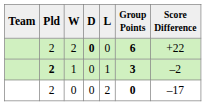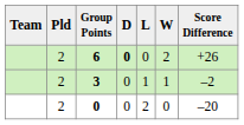 <table style=border-collapse:collapse border=1 cellspacing=0 cellpadding=5>
 <tr align=center bgcolor=#efefef>
 <th>Team</th>
 <th>Pld</th>
-<th>W</th>
+<th><small>Group<br>Points</small></th>
 <th>D</th>
 <th>L</th>
-<th><small>Group<br>Points</small></th>
+<th>W</th>
 <th><small>Score<br>Difference</small></th>
 </tr>
 <tr align=center style="background:#D0F0C0;">
 <td style="text-align:left;"> </td>
 <td>2</td>
-<td>2</td>
+<td><strong>6</strong></td>
 <td><strong>0</strong></td>
 <td>0</td>
-<td><strong>6</strong></td>
-<td>+22</td>
+<td>2</td>
+<td>+26</td>
 </tr>
 <tr align=center style="background:#D0F0C0;">
 <td style="text-align:left;"> </td>
-<td><strong>2</strong></td>
-<td>1</td>
+<td>2</td>
+<td><strong>3</strong></td>
 <td>0</td>
 <td>1</td>
-<td><strong>3</strong></td>
+<td>1</td>
 <td>–2</td>
 </tr>
 <tr align=center style="background:#FFFFFF;">
 <td style="text-align:left;"> </td>
 <td>2</td>
-<td>0</td>
+<td><strong>0</strong></td>
 <td>0</td>
 <td>2</td>
-<td><strong>0</strong></td>
-<td>–17</td>
+<td>0</td>
+<td>–20</td>
 </tr>
 </table>
